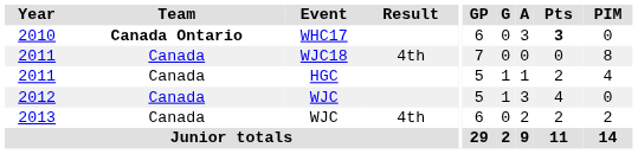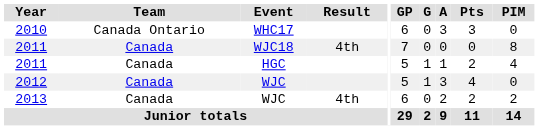 <table border="0" cellpadding="1" cellspacing="0" ID="Table3" style="text-align:center; width:40em;">
 <tr bgcolor="#e0e0e0">
 <th>Year</th>
 <th>Team</th>
 <th>Event</th>
 <th>Result</th>
 <th rowspan="99" bgcolor="#ffffff"></th>
 <th>GP</th>
 <th>G</th>
 <th>A</th>
 <th>Pts</th>
 <th>PIM</th>
 </tr>
 <tr>
 <td><a href='#'>2010</a></td>
-<td><strong>Canada Ontario</strong></td>
+<td>Canada Ontario</td>
 <td><a href='#'>WHC17</a></td>
 <td></td>
 <td>6</td>
 <td>0</td>
 <td>3</td>
-<td><strong>3</strong></td>
+<td>3</td>
 <td>0</td>
 </tr>
 <tr bgcolor="#f0f0f0">
 <td><a href='#'>2011</a></td>
 <td><a href='#'>Canada</a></td>
 <td><a href='#'>WJC18</a></td>
 <td>4th</td>
 <td>7</td>
 <td>0</td>
 <td>0</td>
 <td>0</td>
 <td>8</td>
 </tr>
 <tr>
 <td><a href='#'>2011</a></td>
 <td>Canada</td>
 <td><a href='#'>HGC</a></td>
 <td></td>
 <td>5</td>
 <td>1</td>
 <td>1</td>
 <td>2</td>
 <td>4</td>
 </tr>
 <tr bgcolor="#f0f0f0">
 <td><a href='#'>2012</a></td>
 <td><a href='#'>Canada</a></td>
 <td><a href='#'>WJC</a></td>
 <td></td>
 <td>5</td>
 <td>1</td>
 <td>3</td>
 <td>4</td>
 <td>0</td>
 </tr>
 <tr>
 <td><a href='#'>2013</a></td>
 <td>Canada</td>
 <td>WJC</td>
 <td>4th</td>
 <td>6</td>
 <td>0</td>
 <td>2</td>
 <td>2</td>
 <td>2</td>
 </tr>
 <tr bgcolor="#e0e0e0">
 <th colspan="4">Junior totals</th>
 <th>29</th>
 <th>2</th>
 <th>9</th>
 <th>11</th>
 <th>14</th>
 </tr>
 </table>
